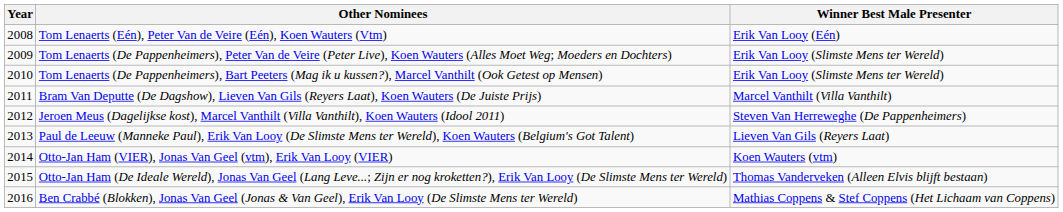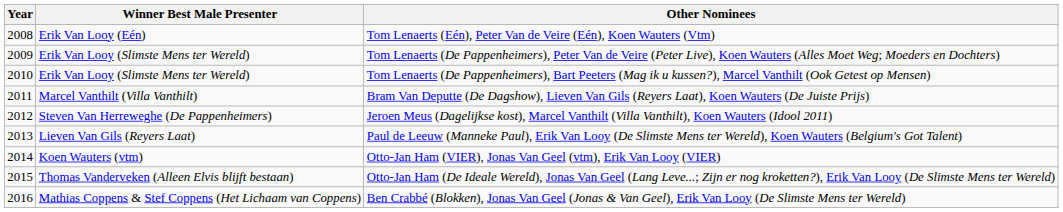 <table class="wikitable" align="center">
 <tr>
 <th>Year</th>
+<th>Winner Best Male Presenter</th>
 <th>Other Nominees</th>
-<th>Winner Best Male Presenter</th>
 </tr>
 <tr>
 <td>2008</td>
+<td><a href='#'>Erik Van Looy</a> (<a href='#'>Eén</a>)</td>
 <td><a href='#'>Tom Lenaerts</a> (<a href='#'>Eén</a>), <a href='#'>Peter Van de Veire</a> (<a href='#'>Eén</a>), <a href='#'>Koen Wauters</a> (<a href='#'>Vtm</a>)</td>
-<td><a href='#'>Erik Van Looy</a> (<a href='#'>Eén</a>)</td>
 </tr>
 <tr>
 <td>2009</td>
+<td><a href='#'>Erik Van Looy</a> (<em>Slimste Mens ter Wereld</em>)</td>
 <td><a href='#'>Tom Lenaerts</a> (<em>De Pappenheimers</em>), <a href='#'>Peter Van de Veire</a> (<em>Peter Live</em>), <a href='#'>Koen Wauters</a> (<em>Alles Moet Weg</em>; <em>Moeders en Dochters</em>)</td>
-<td><a href='#'>Erik Van Looy</a> (<em>Slimste Mens ter Wereld</em>)</td>
 </tr>
 <tr>
 <td>2010</td>
+<td><a href='#'>Erik Van Looy</a> (<em>Slimste Mens ter Wereld</em>)</td>
 <td><a href='#'>Tom Lenaerts</a> (<em>De Pappenheimers</em>), <a href='#'>Bart Peeters</a> (<em>Mag ik u kussen?</em>), <a href='#'>Marcel Vanthilt</a> (<em>Ook Getest op Mensen</em>)</td>
-<td><a href='#'>Erik Van Looy</a> (<em>Slimste Mens ter Wereld</em>)</td>
 </tr>
 <tr>
 <td>2011</td>
+<td><a href='#'>Marcel Vanthilt</a> (<em>Villa Vanthilt</em>)</td>
 <td><a href='#'>Bram Van Deputte</a> (<em>De Dagshow</em>), <a href='#'>Lieven Van Gils</a> (<em>Reyers Laat</em>), <a href='#'>Koen Wauters</a> (<em>De Juiste Prijs</em>)</td>
-<td><a href='#'>Marcel Vanthilt</a> (<em>Villa Vanthilt</em>)</td>
 </tr>
 <tr>
 <td>2012</td>
+<td><a href='#'>Steven Van Herreweghe</a> (<em>De Pappenheimers</em>)</td>
 <td><a href='#'>Jeroen Meus</a> (<em>Dagelijkse kost</em>), <a href='#'>Marcel Vanthilt</a> (<em>Villa Vanthilt</em>), <a href='#'>Koen Wauters</a> (<em>Idool 2011</em>)</td>
-<td><a href='#'>Steven Van Herreweghe</a> (<em>De Pappenheimers</em>)</td>
 </tr>
 <tr>
 <td>2013</td>
+<td><a href='#'>Lieven Van Gils</a> (<em>Reyers Laat</em>)</td>
 <td><a href='#'>Paul de Leeuw</a> (<em>Manneke Paul</em>), <a href='#'>Erik Van Looy</a> (<em>De Slimste Mens ter Wereld</em>), <a href='#'>Koen Wauters</a> (<em>Belgium's Got Talent</em>)</td>
-<td><a href='#'>Lieven Van Gils</a> (<em>Reyers Laat</em>)</td>
 </tr>
 <tr>
 <td>2014</td>
+<td><a href='#'>Koen Wauters</a> (<a href='#'>vtm</a>)</td>
 <td><a href='#'>Otto-Jan Ham</a> (<a href='#'>VIER</a>), <a href='#'>Jonas Van Geel</a> (<a href='#'>vtm</a>), <a href='#'>Erik Van Looy</a> (<a href='#'>VIER</a>)</td>
-<td><a href='#'>Koen Wauters</a> (<a href='#'>vtm</a>)</td>
 </tr>
 <tr>
 <td>2015</td>
+<td><a href='#'>Thomas Vanderveken</a> (<em>Alleen Elvis blijft bestaan</em>)</td>
 <td><a href='#'>Otto-Jan Ham</a> (<em>De Ideale Wereld</em>), <a href='#'>Jonas Van Geel</a> (<em>Lang Leve...</em>; <em>Zijn er nog kroketten?</em>), <a href='#'>Erik Van Looy</a> (<em>De Slimste Mens ter Wereld</em>)</td>
-<td><a href='#'>Thomas Vanderveken</a> (<em>Alleen Elvis blijft bestaan</em>)</td>
 </tr>
 <tr>
 <td>2016</td>
+<td><a href='#'>Mathias Coppens</a> & <a href='#'>Stef Coppens</a> (<em>Het Lichaam van Coppens</em>)</td>
 <td><a href='#'>Ben Crabbé</a> (<em>Blokken</em>), <a href='#'>Jonas Van Geel</a> (<em>Jonas & Van Geel</em>), <a href='#'>Erik Van Looy</a> (<em>De Slimste Mens ter Wereld</em>)</td>
-<td><a href='#'>Mathias Coppens</a> & <a href='#'>Stef Coppens</a> (<em>Het Lichaam van Coppens</em>)</td>
 </tr>
 </table>
